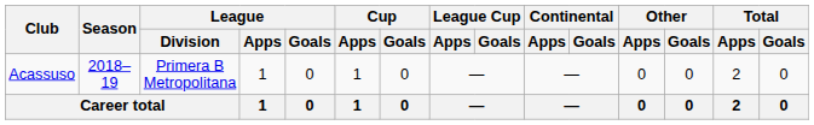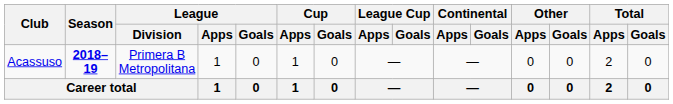 <table class="wikitable" style="text-align:center">
 <tr>
 <th rowspan="2">Club</th>
 <th rowspan="2">Season</th>
 <th colspan="3">League</th>
 <th colspan="2">Cup</th>
 <th colspan="2">League Cup</th>
 <th colspan="2">Continental</th>
 <th colspan="2">Other</th>
 <th colspan="2">Total</th>
 </tr>
 <tr>
 <th>Division</th>
 <th>Apps</th>
 <th>Goals</th>
 <th>Apps</th>
 <th>Goals</th>
 <th>Apps</th>
 <th>Goals</th>
 <th>Apps</th>
 <th>Goals</th>
 <th>Apps</th>
 <th>Goals</th>
 <th>Apps</th>
 <th>Goals</th>
 </tr>
 <tr>
 <td rowspan="1"><a href='#'>Acassuso</a></td>
-<td><a href='#'>2018–19</a></td>
+<td><strong><a href='#'>2018–19</a></strong></td>
 <td rowspan="1"><a href='#'>Primera B Metropolitana</a></td>
 <td>1</td>
 <td>0</td>
 <td>1</td>
 <td>0</td>
 <td colspan="2">—</td>
 <td colspan="2">—</td>
 <td>0</td>
 <td>0</td>
 <td>2</td>
 <td>0</td>
 </tr>
 <tr>
 <th colspan="3">Career total</th>
 <th>1</th>
 <th>0</th>
 <th>1</th>
 <th>0</th>
 <th colspan="2">—</th>
 <th colspan="2">—</th>
 <th>0</th>
 <th>0</th>
 <th>2</th>
 <th>0</th>
 </tr>
 </table>
